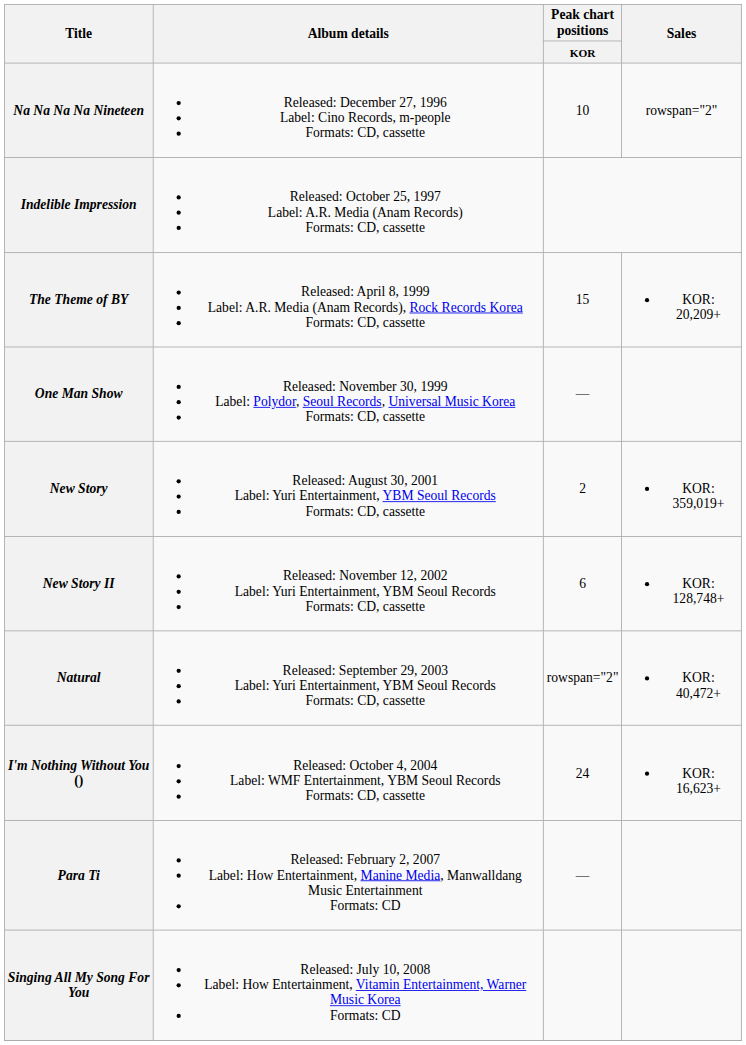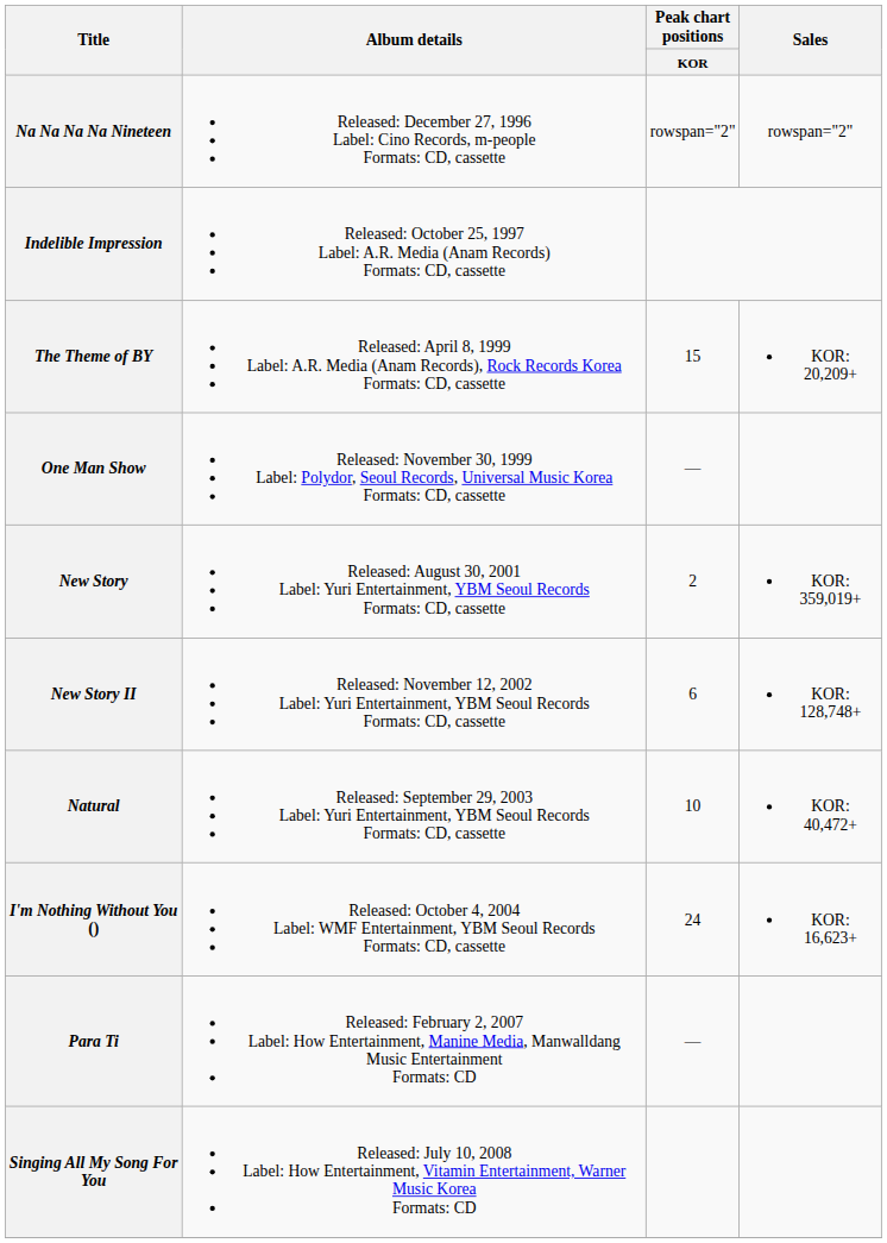 <table class="wikitable plainrowheaders" style="text-align:center;">
 <tr>
 <th scope="col" rowspan="2">Title</th>
 <th scope="col" rowspan="2">Album details</th>
 <th scope="col" colspan="1" style="width:5em;">Peak chart positions</th>
 <th scope="col" rowspan="2">Sales</th>
 </tr>
 <tr>
 <th><small>KOR</small><br></th>
 </tr>
 <tr>
 <th scope="row"><em>Na Na Na Na Nineteen</em></th>
 <td><br><ul><li>Released: December 27, 1996</li><li>Label: Cino Records, m-people</li><li>Formats: CD, cassette</li></ul></td>
-<td>10</td>
+<td>rowspan="2" </td>
 <td>rowspan="2" </td>
 </tr>
 <tr>
 <th scope="row"><em>Indelible Impression</em></th>
 <td><br><ul><li>Released: October 25, 1997</li><li>Label: A.R. Media (Anam Records)</li><li>Formats: CD, cassette</li></ul></td>
 </tr>
 <tr>
 <th scope="row"><em>The Theme of BY</em></th>
 <td><br><ul><li>Released: April 8, 1999</li><li>Label: A.R. Media (Anam Records), <a href='#'>Rock Records Korea</a></li><li>Formats: CD, cassette</li></ul></td>
 <td>15</td>
 <td><br><ul><li>KOR: 20,209+</li></ul></td>
 </tr>
 <tr>
 <th scope="row"><em>One Man Show</em></th>
 <td><br><ul><li>Released: November 30, 1999</li><li>Label: <a href='#'>Polydor</a>, <a href='#'>Seoul Records</a>, <a href='#'>Universal Music Korea</a></li><li>Formats: CD, cassette</li></ul></td>
 <td>—</td>
 <td></td>
 </tr>
 <tr>
 <th scope="row"><em>New Story</em></th>
 <td><br><ul><li>Released: August 30, 2001</li><li>Label: Yuri Entertainment, <a href='#'>YBM Seoul Records</a></li><li>Formats: CD, cassette</li></ul></td>
 <td>2</td>
 <td><br><ul><li>KOR: 359,019+</li></ul></td>
 </tr>
 <tr>
 <th scope="row"><em>New Story II</em></th>
 <td><br><ul><li>Released: November 12, 2002</li><li>Label: Yuri Entertainment, YBM Seoul Records</li><li>Formats: CD, cassette</li></ul></td>
 <td>6</td>
 <td><br><ul><li>KOR: 128,748+</li></ul></td>
 </tr>
 <tr>
 <th scope="row"><em>Natural</em></th>
 <td><br><ul><li>Released: September 29, 2003</li><li>Label: Yuri Entertainment, YBM Seoul Records</li><li>Formats: CD, cassette</li></ul></td>
-<td>rowspan="2" </td>
+<td>10</td>
 <td><br><ul><li>KOR: 40,472+</li></ul></td>
 </tr>
 <tr>
 <th scope="row"><em>I'm Nothing Without You</em><br>()</th>
 <td><br><ul><li>Released: October 4, 2004</li><li>Label: WMF Entertainment, YBM Seoul Records</li><li>Formats: CD, cassette</li></ul></td>
 <td>24</td>
 <td><br><ul><li>KOR: 16,623+</li></ul></td>
 </tr>
 <tr>
 <th scope="row"><em>Para Ti</em></th>
 <td><br><ul><li>Released: February 2, 2007</li><li>Label: How Entertainment, <a href='#'>Manine Media</a>, Manwalldang Music Entertainment</li><li>Formats: CD</li></ul></td>
 <td>—</td>
 <td></td>
 </tr>
 <tr>
 <th scope="row"><em>Singing All My Song For You</em></th>
 <td><br><ul><li>Released: July 10, 2008</li><li>Label: How Entertainment, <a href='#'>Vitamin Entertainment, Warner Music Korea</a></li><li>Formats: CD</li></ul></td>
 <td></td>
 <td></td>
 </tr>
 <tr>
 </tr>
 </table>
